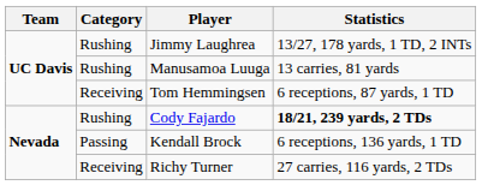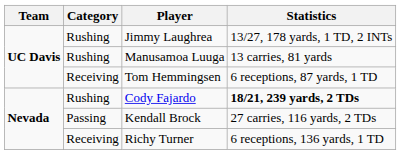 <table class="wikitable" style="float: left;">
 <tr>
 <th>Team</th>
 <th>Category</th>
 <th>Player</th>
 <th>Statistics</th>
 </tr>
 <tr>
 <td rowspan=3><strong>UC Davis</strong></td>
 <td>Rushing</td>
 <td>Jimmy Laughrea</td>
 <td>13/27, 178 yards, 1 TD, 2 INTs</td>
 </tr>
 <tr>
 <td>Rushing</td>
 <td>Manusamoa Luuga</td>
 <td>13 carries, 81 yards</td>
 </tr>
 <tr>
 <td>Receiving</td>
 <td>Tom Hemmingsen</td>
 <td>6 receptions, 87 yards, 1 TD</td>
 </tr>
 <tr>
 <td rowspan=3><strong>Nevada</strong></td>
 <td>Rushing</td>
 <td><a href='#'>Cody Fajardo</a></td>
 <td><strong>18/21, 239 yards, 2 TDs</strong></td>
 </tr>
 <tr>
 <td>Passing</td>
 <td>Kendall Brock</td>
-<td>6 receptions, 136 yards, 1 TD</td>
+<td>27 carries, 116 yards, 2 TDs</td>
 </tr>
 <tr>
 <td>Receiving</td>
 <td>Richy Turner</td>
-<td>27 carries, 116 yards, 2 TDs</td>
+<td>6 receptions, 136 yards, 1 TD</td>
 </tr>
 </table>
